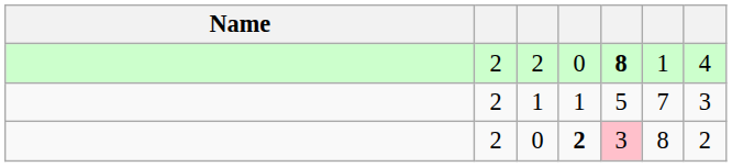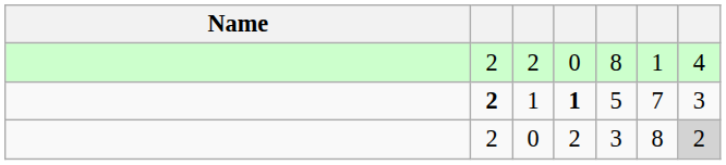 <table class=wikitable style="text-align:center">
 <tr>
 <th width=300>Name</th>
 <th width=20></th>
 <th width=20></th>
 <th width=20></th>
 <th width=20></th>
 <th width=20></th>
 <th width=20></th>
 </tr>
 <tr style="background-color:#ccffcc;">
 <td style="text-align:left;"></td>
 <td>2</td>
 <td>2</td>
 <td>0</td>
-<td><strong>8</strong></td>
+<td>8</td>
 <td>1</td>
 <td>4</td>
 </tr>
 <tr>
 <td style="text-align:left;"></td>
-<td>2</td>
+<td><strong>2</strong></td>
 <td>1</td>
-<td>1</td>
+<td><strong>1</strong></td>
 <td>5</td>
 <td>7</td>
 <td>3</td>
 </tr>
 <tr>
 <td style="text-align:left;"></td>
 <td>2</td>
 <td>0</td>
-<td><strong>2</strong></td>
-<td style="background: pink;">3</td>
+<td>2</td>
+<td>3</td>
 <td>8</td>
-<td>2</td>
+<td style="background: lightgrey;">2</td>
 </tr>
 </table>
